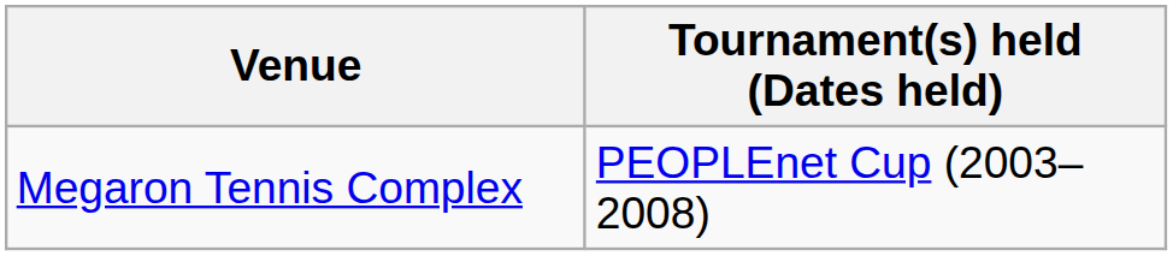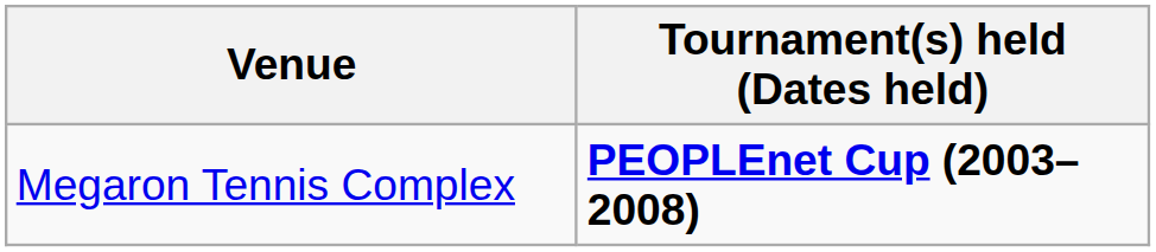 <table class=wikitable>
 <tr>
 <th width=200>Venue</th>
 <th width=200>Tournament(s) held<br>(Dates held)</th>
 </tr>
 <tr>
 <td><a href='#'>Megaron Tennis Complex</a></td>
-<td><a href='#'>PEOPLEnet Cup</a> (2003–2008)</td>
+<td><strong><a href='#'>PEOPLEnet Cup</a> (2003–2008)</strong></td>
 </tr>
 </table>
